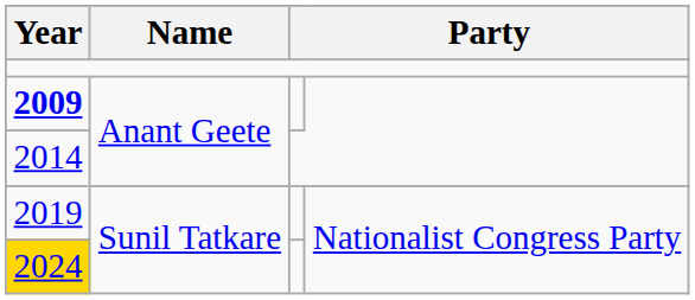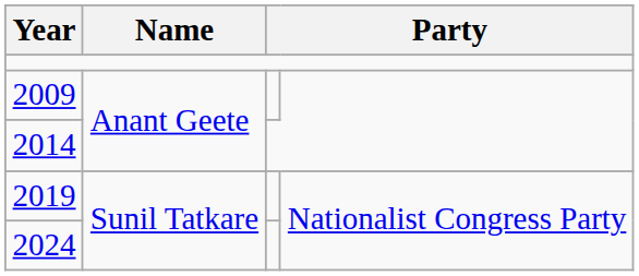 <table class="wikitable">
 <tr>
 <th>Year</th>
 <th>Name</th>
 <th colspan="2">Party</th>
 </tr>
 <tr>
 <td colspan="4"></td>
 </tr>
 <tr>
-<td><strong><a href='#'>2009</a></strong></td>
+<td><a href='#'>2009</a></td>
 <td rowspan="2"><a href='#'>Anant Geete</a></td>
 <td></td>
 </tr>
 <tr>
 <td><a href='#'>2014</a></td>
 </tr>
 <tr>
 <td><a href='#'>2019</a></td>
 <td rowspan="2"><a href='#'>Sunil Tatkare</a></td>
 <td></td>
 <td rowspan="2"><a href='#'>Nationalist Congress Party</a></td>
 </tr>
 <tr>
-<td style="background: gold;"><a href='#'>2024</a></td>
+<td><a href='#'>2024</a></td>
 <td></td>
 </tr>
 </table>
